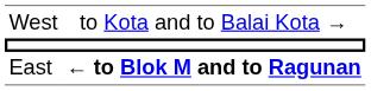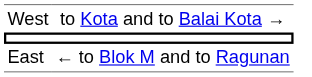 <table cellspacing="0" cellpadding="3">
 <tr>
 <td style="border-top:solid 1px gray">West</td>
 <td style="text-align:center;border-top:solid 1px gray"> to <a href='#'>Kota</a> and   to <a href='#'>Balai Kota</a>  →</td>
 </tr>
 <tr>
 <td colspan="2" style="text-align:center; border:solid 2px black; "></td>
 </tr>
 <tr>
 <td style="border-bottom:solid 1px gray">East</td>
-<td style="text-align:center ; border-bottom:solid 1px gray"><strong>←   to <a href='#'>Blok M</a> and   to <a href='#'>Ragunan</a></strong></td>
+<td style="text-align:center ; border-bottom:solid 1px gray">←   to <a href='#'>Blok M</a> and   to <a href='#'>Ragunan</a></td>
 </tr>
 </table>
